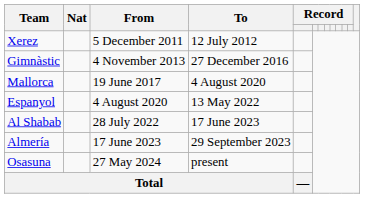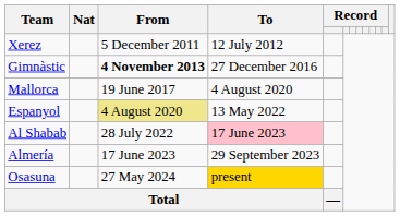 <table class="wikitable" style="text-align: center">
 <tr>
 <th rowspan="2">Team</th>
 <th rowspan="2">Nat</th>
 <th rowspan="2">From</th>
 <th rowspan="2">To</th>
 <th colspan="8">Record</th>
 <th rowspan=2></th>
 </tr>
 <tr>
 <th></th>
 <th></th>
 <th></th>
 <th></th>
 <th></th>
 <th></th>
 <th></th>
 <th></th>
 </tr>
 <tr>
 <td align="left"><a href='#'>Xerez</a></td>
 <td></td>
 <td align=left>5 December 2011</td>
 <td align=left>12 July 2012<br></td>
 <td></td>
 </tr>
 <tr>
 <td align="left"><a href='#'>Gimnàstic</a></td>
 <td></td>
-<td align=left>4 November 2013</td>
+<td align=left><strong>4 November 2013</strong></td>
 <td align=left>27 December 2016<br></td>
 <td></td>
 </tr>
 <tr>
 <td align="left"><a href='#'>Mallorca</a></td>
 <td></td>
 <td align=left>19 June 2017</td>
 <td align=left>4 August 2020<br></td>
 <td></td>
 </tr>
 <tr>
 <td align="left"><a href='#'>Espanyol</a></td>
 <td></td>
-<td align=left>4 August 2020</td>
+<td align=left style="background: khaki;">4 August 2020</td>
 <td align=left>13 May 2022<br></td>
 <td></td>
 </tr>
 <tr>
 <td align="left"><a href='#'>Al Shabab</a></td>
 <td></td>
 <td align=left>28 July 2022</td>
-<td align=left>17 June 2023<br></td>
+<td align=left style="background: pink;">17 June 2023<br></td>
 <td></td>
 </tr>
 <tr>
 <td align="left"><a href='#'>Almería</a></td>
 <td></td>
 <td align=left>17 June 2023</td>
 <td align=left>29 September 2023<br></td>
 <td></td>
 </tr>
 <tr>
 <td align="left"><a href='#'>Osasuna</a></td>
 <td></td>
 <td align=left>27 May 2024</td>
-<td align=left>present<br></td>
+<td align=left style="background: gold;">present<br></td>
 <td></td>
 </tr>
 <tr>
 <th colspan="4">Total<br></th>
 <th>—</th>
 </tr>
 </table>
